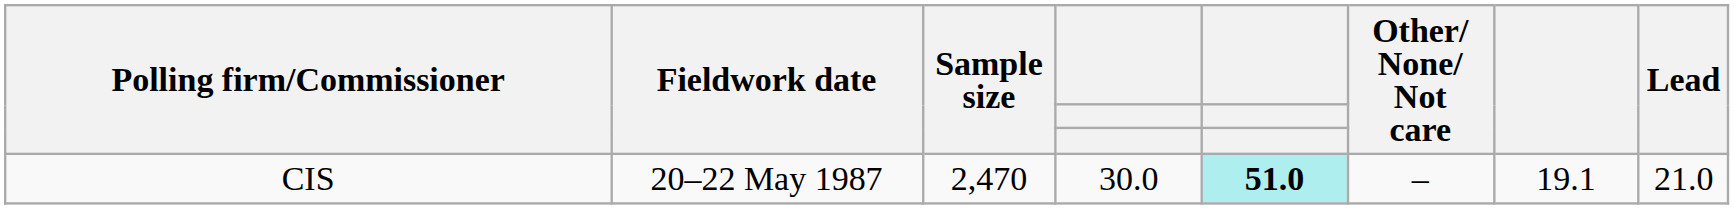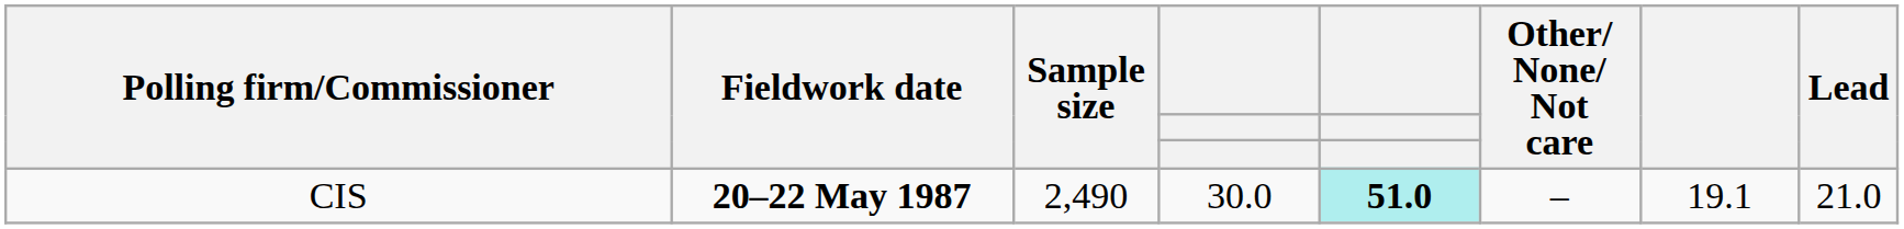 <table class="wikitable collapsible collapsed" style="text-align:center; font-size:90%; line-height:14px;">
 <tr style="height:42px;">
 <th style="width:250px;" rowspan="3">Polling firm/Commissioner</th>
 <th style="width:125px;" rowspan="3">Fieldwork date</th>
 <th style="width:50px;" rowspan="3">Sample size</th>
 <th style="width:55px;"></th>
 <th style="width:55px;"></th>
 <th style="width:55px;" rowspan="3">Other/<br>None/<br>Not<br>care</th>
 <th style="width:55px;" rowspan="3"></th>
 <th style="width:30px;" rowspan="3">Lead</th>
 </tr>
 <tr>
 <th style="color:inherit;background:"></th>
 <th style="color:inherit;background:"></th>
 </tr>
 <tr>
 <th></th>
 <th></th>
 </tr>
 <tr>
 <td>CIS</td>
-<td>20–22 May 1987</td>
-<td>2,470</td>
+<td><strong>20–22 May 1987</strong></td>
+<td>2,490</td>
 <td>30.0</td>
 <td style="background: paleturquoise;"><strong>51.0</strong></td>
 <td>–</td>
 <td>19.1</td>
 <td style="background:">21.0</td>
 </tr>
 </table>
